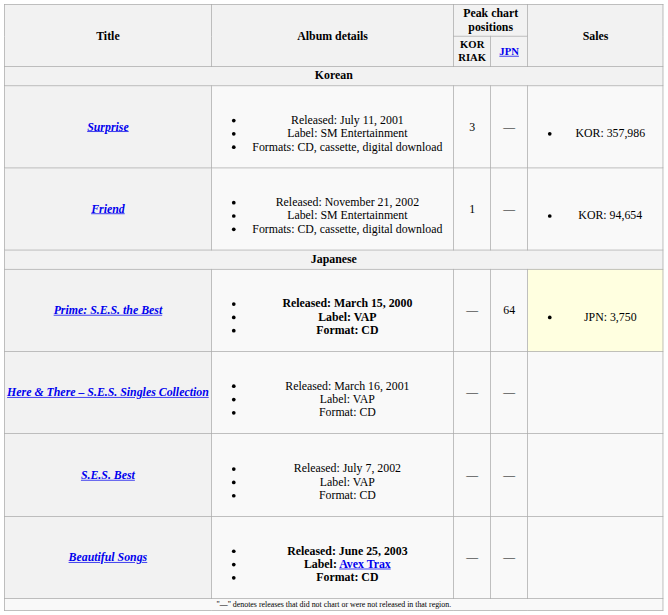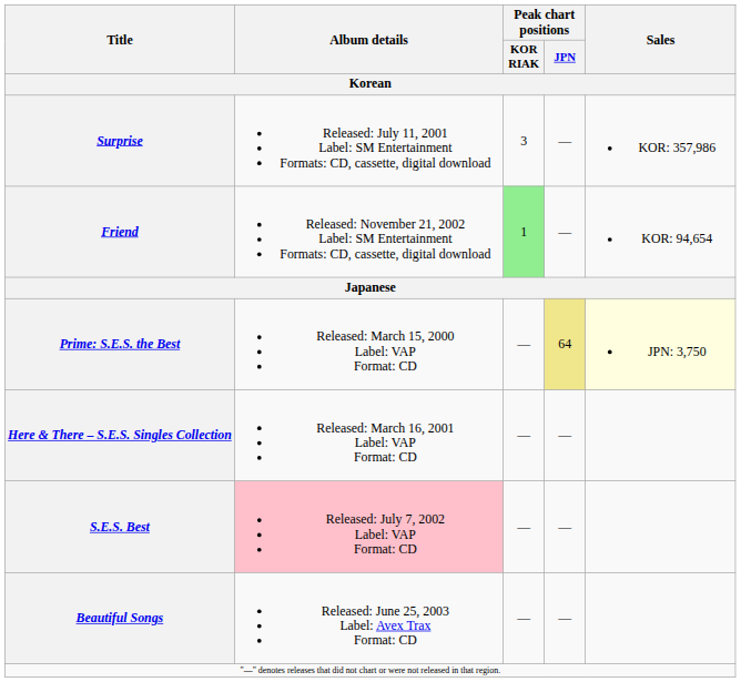 <table class="wikitable plainrowheaders" style="text-align:center;">
 <tr>
 <th scope="col" rowspan="2">Title</th>
 <th scope="col" rowspan="2" style="width:20em;">Album details</th>
 <th scope="col" colspan="2">Peak chart<br>positions</th>
 <th scope="col" rowspan="2" style="width:11em;">Sales</th>
 </tr>
 <tr>
 <th scope="col" style="width:3em;font-size:90%;">KOR<br>RIAK<br></th>
 <th scope="col" style="width:3em;font-size:90%;"><a href='#'>JPN</a><br></th>
 </tr>
 <tr>
 <th scope="col" colspan="5">Korean</th>
 </tr>
 <tr>
 <th scope="row"><em><a href='#'>Surprise</a></em></th>
 <td><br><ul><li>Released: July 11, 2001</li><li>Label: SM Entertainment</li><li>Formats: CD, cassette, digital download</li></ul></td>
 <td>3</td>
 <td>—</td>
 <td><br><ul><li>KOR: 357,986</li></ul></td>
 </tr>
 <tr>
 <th scope="row"><em><a href='#'>Friend</a></em></th>
 <td><br><ul><li>Released: November 21, 2002</li><li>Label: SM Entertainment</li><li>Formats: CD, cassette, digital download</li></ul></td>
-<td>1</td>
+<td style="background: lightgreen;">1</td>
 <td>—</td>
 <td><br><ul><li>KOR: 94,654</li></ul></td>
 </tr>
 <tr>
 <th scope="col" colspan="5">Japanese</th>
 </tr>
 <tr>
 <th scope="row"><em><a href='#'>Prime: S.E.S. the Best</a></em></th>
-<td><strong><br><ul><li>Released: March 15, 2000</li><li>Label: VAP</li><li>Format: CD</li></ul></strong></td>
+<td><br><ul><li>Released: March 15, 2000</li><li>Label: VAP</li><li>Format: CD</li></ul></td>
 <td>—</td>
-<td>64</td>
+<td style="background: khaki;">64</td>
 <td style="background: lightyellow;"><br><ul><li>JPN: 3,750</li></ul></td>
 </tr>
 <tr>
 <th scope="row"><em><a href='#'>Here & There – S.E.S. Singles Collection</a></em></th>
 <td><br><ul><li>Released: March 16, 2001</li><li>Label: VAP</li><li>Format: CD</li></ul></td>
 <td>—</td>
 <td>—</td>
 <td></td>
 </tr>
 <tr>
 <th scope="row"><em><a href='#'>S.E.S. Best</a></em></th>
-<td><br><ul><li>Released: July 7, 2002</li><li>Label: VAP</li><li>Format: CD</li></ul></td>
+<td style="background: pink;"><br><ul><li>Released: July 7, 2002</li><li>Label: VAP</li><li>Format: CD</li></ul></td>
 <td>—</td>
 <td>—</td>
 <td></td>
 </tr>
 <tr>
 <th scope="row"><em><a href='#'>Beautiful Songs</a></em></th>
-<td><strong><br><ul><li>Released: June 25, 2003</li><li>Label: <a href='#'>Avex Trax</a></li><li>Format: CD</li></ul></strong></td>
+<td><br><ul><li>Released: June 25, 2003</li><li>Label: <a href='#'>Avex Trax</a></li><li>Format: CD</li></ul></td>
 <td>—</td>
 <td>—</td>
 <td></td>
 </tr>
 <tr>
 <td colspan="5" style="font-size:8pt;">"—" denotes releases that did not chart or were not released in that region.</td>
 </tr>
 </table>
